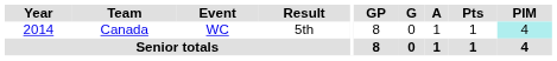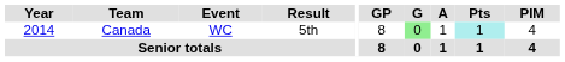 <table border="0" cellpadding="1" cellspacing="0" ID="Table3" style="text-align:center; width:40em">
 <tr style="text-align:center; background-color:#e0e0e0">
 <th>Year</th>
 <th>Team</th>
 <th>Event</th>
 <th>Result</th>
 <th rowspan="99" style="background-color:#ffffff"></th>
 <th>GP</th>
 <th>G</th>
 <th>A</th>
 <th>Pts</th>
 <th>PIM</th>
 </tr>
 <tr>
 <td><a href='#'>2014</a></td>
 <td><a href='#'>Canada</a></td>
 <td><a href='#'>WC</a></td>
 <td>5th</td>
 <td>8</td>
-<td>0</td>
+<td style="background: lightgreen;">0</td>
 <td>1</td>
-<td>1</td>
-<td style="background: paleturquoise;">4</td>
+<td style="background: paleturquoise;">1</td>
+<td>4</td>
 </tr>
 <tr bgcolor="#e0e0e0">
 <th colspan="4">Senior totals</th>
 <th>8</th>
 <th>0</th>
 <th>1</th>
 <th>1</th>
 <th>4</th>
 </tr>
 </table>
